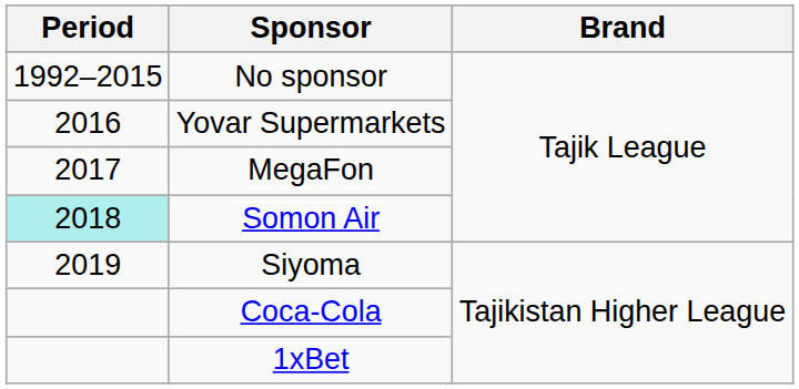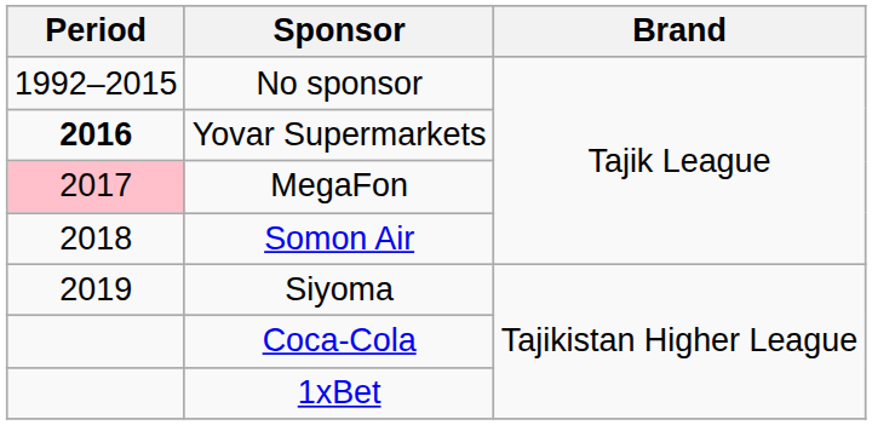 <table class="wikitable" style="text-align:center;margin-left:1em;float:center">
 <tr>
 <th>Period</th>
 <th>Sponsor</th>
 <th>Brand</th>
 </tr>
 <tr>
 <td>1992–2015</td>
 <td>No sponsor</td>
 <td rowspan="4">Tajik League</td>
 </tr>
 <tr>
-<td>2016</td>
+<td><strong>2016</strong></td>
 <td>Yovar Supermarkets</td>
 </tr>
 <tr>
-<td>2017</td>
+<td style="background: pink;">2017</td>
 <td>MegaFon</td>
 </tr>
 <tr>
-<td style="background: paleturquoise;">2018</td>
+<td>2018</td>
 <td><a href='#'>Somon Air</a></td>
 </tr>
 <tr>
 <td>2019</td>
 <td>Siyoma</td>
 <td rowspan="4">Tajikistan Higher League</td>
 </tr>
 <tr>
 <td></td>
 <td><a href='#'>Coca-Cola</a></td>
 </tr>
 <tr>
 <td></td>
 <td><a href='#'>1xBet</a></td>
 </tr>
 </table>
